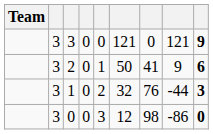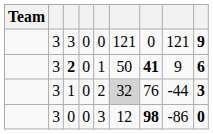 <table class="wikitable" style="text-align: center;">
 <tr>
 <th>Team</th>
 <th></th>
 <th></th>
 <th></th>
 <th></th>
 <th></th>
 <th></th>
 <th></th>
 <th></th>
 </tr>
 <tr>
 <td align="left"></td>
 <td>3</td>
 <td>3</td>
 <td>0</td>
 <td>0</td>
 <td>121</td>
 <td>0</td>
 <td>121</td>
 <td><strong>9</strong></td>
 </tr>
 <tr>
 <td align="left"></td>
 <td>3</td>
-<td>2</td>
+<td><strong>2</strong></td>
 <td>0</td>
 <td>1</td>
 <td>50</td>
-<td>41</td>
+<td><strong>41</strong></td>
 <td>9</td>
 <td><strong>6</strong></td>
 </tr>
 <tr>
 <td align="left"></td>
 <td>3</td>
 <td>1</td>
 <td>0</td>
 <td>2</td>
-<td>32</td>
+<td style="background: lightgrey;">32</td>
 <td>76</td>
 <td>-44</td>
 <td><strong>3</strong></td>
 </tr>
 <tr>
 <td align="left"></td>
 <td>3</td>
 <td>0</td>
 <td>0</td>
 <td>3</td>
 <td>12</td>
-<td>98</td>
+<td><strong>98</strong></td>
 <td>-86</td>
 <td><strong>0</strong></td>
 </tr>
 </table>
